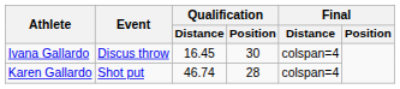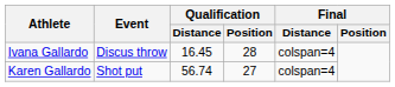 <table class=wikitable style=font-size:90%>
 <tr>
 <th rowspan=2>Athlete</th>
 <th rowspan=2>Event</th>
 <th colspan=2>Qualification</th>
 <th colspan=2>Final</th>
 </tr>
 <tr style=font-size:95%>
 <th>Distance</th>
 <th>Position</th>
 <th>Distance</th>
 <th>Position</th>
 </tr>
 <tr align=center>
 <td align=left><a href='#'>Ivana Gallardo</a></td>
 <td align=left><a href='#'>Discus throw</a></td>
 <td>16.45</td>
-<td>30</td>
+<td>28</td>
 <td>colspan=4 </td>
 </tr>
 <tr align=center>
 <td align=left><a href='#'>Karen Gallardo</a></td>
 <td align=left><a href='#'>Shot put</a></td>
-<td>46.74</td>
-<td>28</td>
+<td>56.74</td>
+<td>27</td>
 <td>colspan=4 </td>
 </tr>
 </table>
